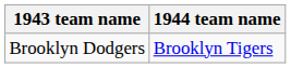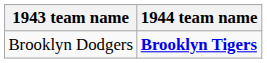 <table class="wikitable">
 <tr>
 <th>1943 team name</th>
 <th>1944 team name</th>
 </tr>
 <tr>
 <td>Brooklyn Dodgers</td>
-<td><a href='#'>Brooklyn Tigers</a></td>
+<td><strong><a href='#'>Brooklyn Tigers</a></strong></td>
 </tr>
 </table>
